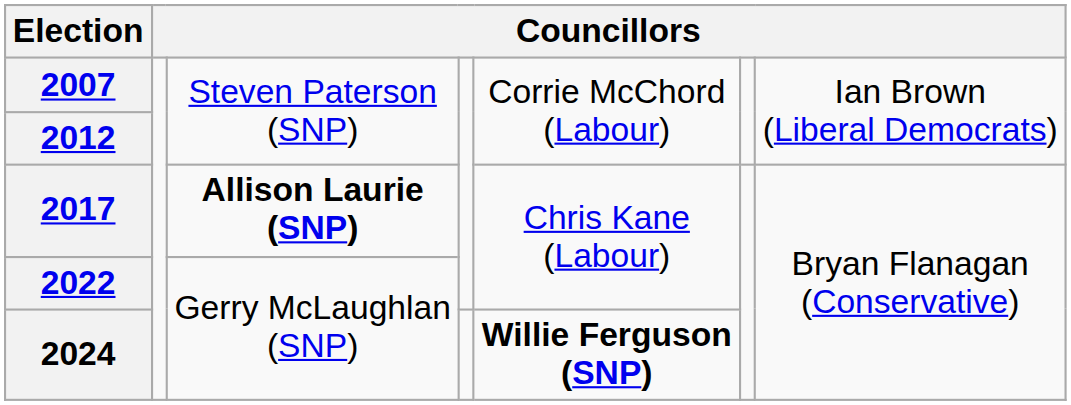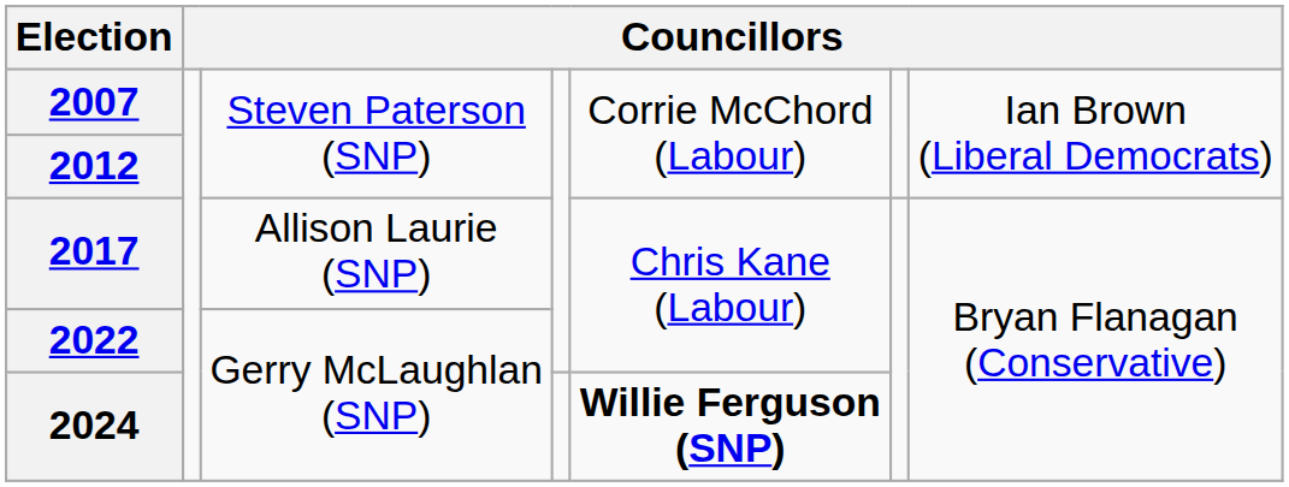 <table class="wikitable" style="text-align:center">
 <tr>
 <th>Election</th>
 <th colspan=6>Councillors</th>
 </tr>
 <tr>
 <th><a href='#'>2007</a></th>
 <td rowspan=5; style="background-color: "></td>
 <td rowspan=2><a href='#'>Steven Paterson</a><br>(<a href='#'>SNP</a>)</td>
 <td rowspan=4; style="background-color: "></td>
 <td rowspan=2>Corrie McChord<br>(<a href='#'>Labour</a>)</td>
 <td rowspan=2; style="background-color: "></td>
 <td rowspan=2>Ian Brown<br>(<a href='#'>Liberal Democrats</a>)</td>
 </tr>
 <tr>
 <th><a href='#'>2012</a></th>
 </tr>
 <tr>
 <th><a href='#'>2017</a></th>
-<td rowspan=1><strong>Allison Laurie<br>(<a href='#'>SNP</a>)</strong></td>
+<td rowspan=1>Allison Laurie<br>(<a href='#'>SNP</a>)</td>
 <td rowspan=2><a href='#'>Chris Kane</a><br>(<a href='#'>Labour</a>)</td>
 <td rowspan=3; style="background-color: "></td>
 <td rowspan=3>Bryan Flanagan<br>(<a href='#'>Conservative</a>)</td>
 </tr>
 <tr>
 <th><a href='#'>2022</a></th>
 <td rowspan=2>Gerry McLaughlan<br>(<a href='#'>SNP</a>)</td>
 </tr>
 <tr>
 <th>2024</th>
 <td rowspan=1; style="background-color: "></td>
 <td rowspan=1><strong>Willie Ferguson<br>(<a href='#'>SNP</a>)</strong></td>
 </tr>
 </table>
